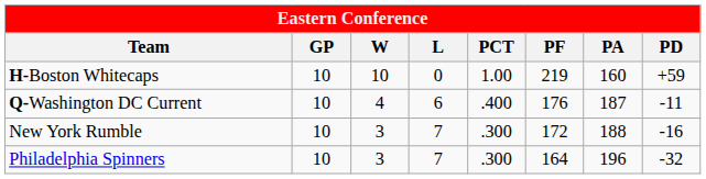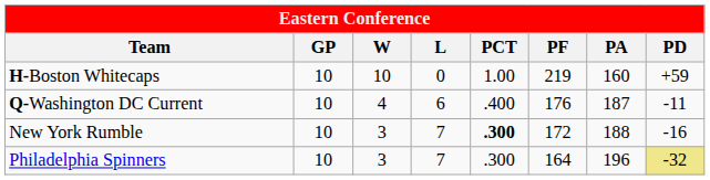 <table class="wikitable">
 <tr>
 <th colspan="9" style="background-color: red; color: #eeeeee"><strong>Eastern Conference</strong></th>
 </tr>
 <tr>
 <th width=251>Team</th>
 <th width=45>GP</th>
 <th width=45>W</th>
 <th width=45>L</th>
 <th width=45>PCT</th>
 <th width=45>PF</th>
 <th width=45>PA</th>
 <th width=45>PD</th>
 </tr>
 <tr align="center">
 <td align="left"><strong>H-</strong>Boston Whitecaps</td>
 <td>10</td>
 <td>10</td>
 <td>0</td>
 <td>1.00</td>
 <td>219</td>
 <td>160</td>
 <td>+59</td>
 </tr>
 <tr align="center">
 <td align="left"><strong>Q-</strong>Washington DC Current</td>
 <td>10</td>
 <td>4</td>
 <td>6</td>
 <td>.400</td>
 <td>176</td>
 <td>187</td>
 <td>-11</td>
 </tr>
 <tr align="center">
 <td align="left">New York Rumble</td>
 <td>10</td>
 <td>3</td>
 <td>7</td>
-<td>.300</td>
+<td><strong>.300</strong></td>
 <td>172</td>
 <td>188</td>
 <td>-16</td>
 </tr>
 <tr align="center">
 <td align="left"><a href='#'>Philadelphia Spinners</a></td>
 <td>10</td>
 <td>3</td>
 <td>7</td>
 <td>.300</td>
 <td>164</td>
 <td>196</td>
-<td>-32</td>
+<td style="background: khaki;">-32</td>
 </tr>
 </table>
